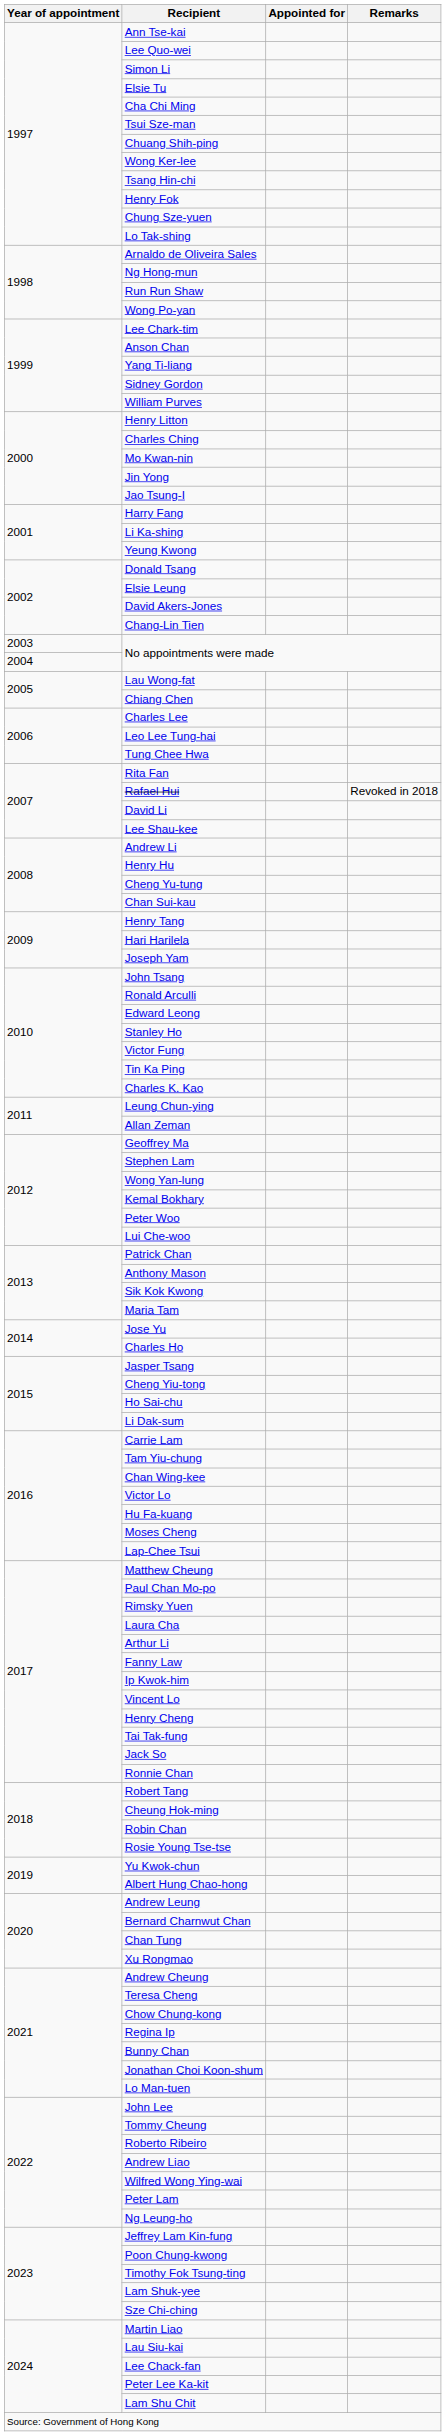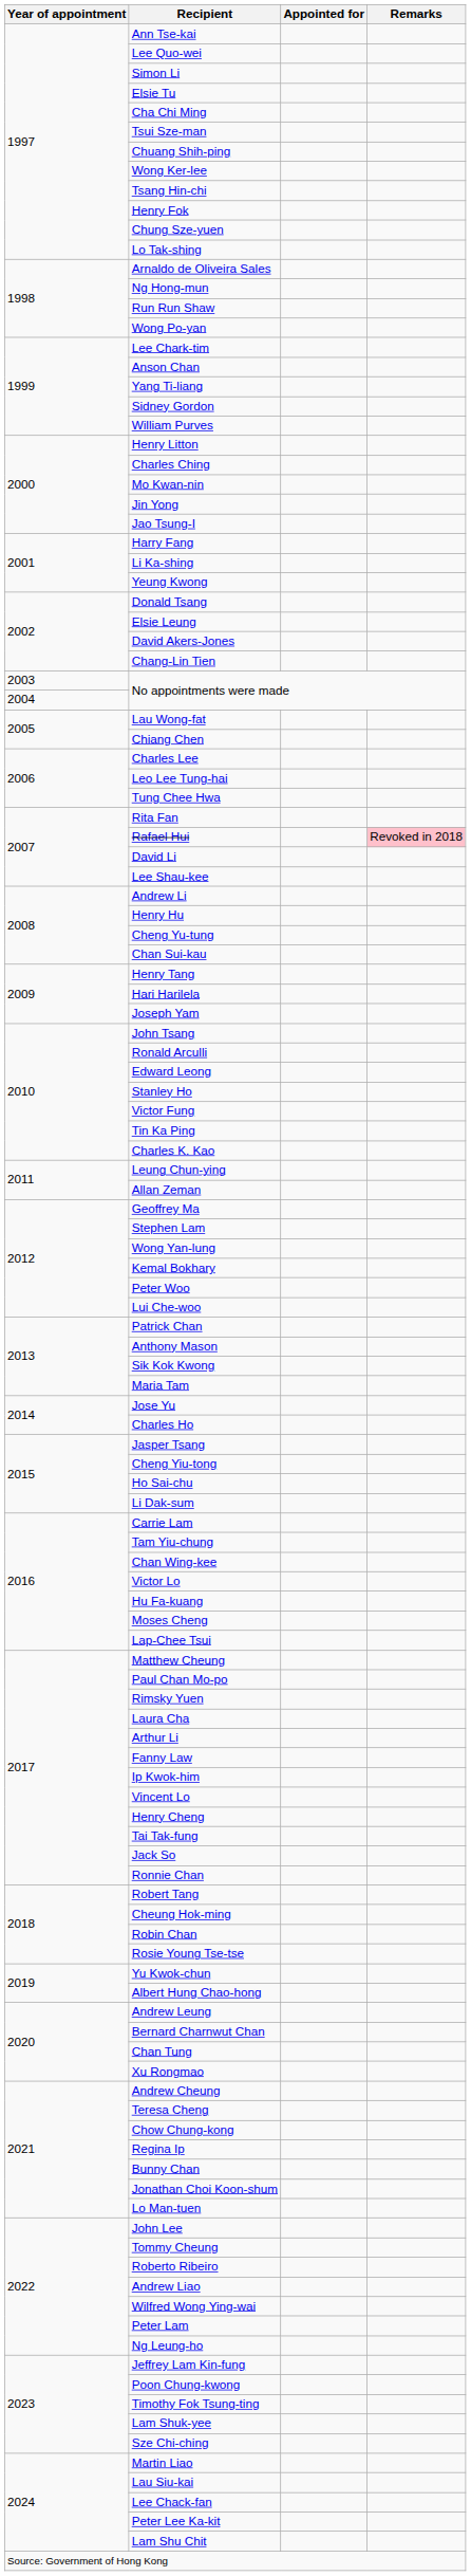 <table class="wikitable sortable">
 <tr>
 <th><strong>Year of appointment</strong></th>
 <th>Recipient</th>
 <th>Appointed for</th>
 <th>Remarks</th>
 </tr>
 <tr>
 <td rowspan="12">1997</td>
 <td><a href='#'>Ann Tse-kai</a></td>
 <td></td>
 <td></td>
 </tr>
 <tr>
 <td><a href='#'>Lee Quo-wei</a></td>
 <td></td>
 <td></td>
 </tr>
 <tr>
 <td><a href='#'>Simon Li</a></td>
 <td></td>
 <td></td>
 </tr>
 <tr>
 <td><a href='#'>Elsie Tu</a></td>
 <td></td>
 <td></td>
 </tr>
 <tr>
 <td><a href='#'>Cha Chi Ming</a></td>
 <td></td>
 <td></td>
 </tr>
 <tr>
 <td><a href='#'>Tsui Sze-man</a></td>
 <td></td>
 <td></td>
 </tr>
 <tr>
 <td><a href='#'>Chuang Shih-ping</a></td>
 <td></td>
 <td></td>
 </tr>
 <tr>
 <td><a href='#'>Wong Ker-lee</a></td>
 <td></td>
 <td></td>
 </tr>
 <tr>
 <td><a href='#'>Tsang Hin-chi</a></td>
 <td></td>
 <td></td>
 </tr>
 <tr>
 <td><a href='#'>Henry Fok</a></td>
 <td></td>
 <td></td>
 </tr>
 <tr>
 <td><a href='#'>Chung Sze-yuen</a></td>
 <td></td>
 <td></td>
 </tr>
 <tr>
 <td><a href='#'>Lo Tak-shing</a></td>
 <td></td>
 <td></td>
 </tr>
 <tr>
 <td rowspan="4">1998</td>
 <td><a href='#'>Arnaldo de Oliveira Sales</a></td>
 <td></td>
 <td></td>
 </tr>
 <tr>
 <td><a href='#'>Ng Hong-mun</a></td>
 <td></td>
 <td></td>
 </tr>
 <tr>
 <td><a href='#'>Run Run Shaw</a></td>
 <td></td>
 <td></td>
 </tr>
 <tr>
 <td><a href='#'>Wong Po-yan</a></td>
 <td></td>
 <td></td>
 </tr>
 <tr>
 <td rowspan="5">1999</td>
 <td><a href='#'>Lee Chark-tim</a></td>
 <td></td>
 <td></td>
 </tr>
 <tr>
 <td><a href='#'>Anson Chan</a></td>
 <td></td>
 <td></td>
 </tr>
 <tr>
 <td><a href='#'>Yang Ti-liang</a></td>
 <td></td>
 <td></td>
 </tr>
 <tr>
 <td><a href='#'>Sidney Gordon</a></td>
 <td></td>
 <td></td>
 </tr>
 <tr>
 <td><a href='#'>William Purves</a></td>
 <td></td>
 <td></td>
 </tr>
 <tr>
 <td rowspan="5">2000</td>
 <td><a href='#'>Henry Litton</a></td>
 <td></td>
 <td></td>
 </tr>
 <tr>
 <td><a href='#'>Charles Ching</a></td>
 <td></td>
 <td></td>
 </tr>
 <tr>
 <td><a href='#'>Mo Kwan-nin</a></td>
 <td></td>
 <td></td>
 </tr>
 <tr>
 <td><a href='#'>Jin Yong</a></td>
 <td></td>
 <td></td>
 </tr>
 <tr>
 <td><a href='#'>Jao Tsung-I</a></td>
 <td></td>
 <td></td>
 </tr>
 <tr>
 <td rowspan="3">2001</td>
 <td><a href='#'>Harry Fang</a></td>
 <td></td>
 <td></td>
 </tr>
 <tr>
 <td><a href='#'>Li Ka-shing</a></td>
 <td></td>
 <td></td>
 </tr>
 <tr>
 <td><a href='#'>Yeung Kwong</a></td>
 <td></td>
 <td></td>
 </tr>
 <tr>
 <td rowspan="4">2002</td>
 <td><a href='#'>Donald Tsang</a></td>
 <td></td>
 <td></td>
 </tr>
 <tr>
 <td><a href='#'>Elsie Leung</a></td>
 <td></td>
 <td></td>
 </tr>
 <tr>
 <td><a href='#'>David Akers-Jones</a></td>
 <td></td>
 <td></td>
 </tr>
 <tr>
 <td><a href='#'>Chang-Lin Tien</a></td>
 <td></td>
 <td></td>
 </tr>
 <tr>
 <td>2003</td>
 <td colspan="3" rowspan="2">No appointments were made</td>
 </tr>
 <tr>
 <td>2004</td>
 </tr>
 <tr>
 <td rowspan="2">2005</td>
 <td><a href='#'>Lau Wong-fat</a></td>
 <td></td>
 <td></td>
 </tr>
 <tr>
 <td><a href='#'>Chiang Chen</a></td>
 <td></td>
 <td></td>
 </tr>
 <tr>
 <td rowspan="3">2006</td>
 <td><a href='#'>Charles Lee</a></td>
 <td></td>
 <td></td>
 </tr>
 <tr>
 <td><a href='#'>Leo Lee Tung-hai</a></td>
 <td></td>
 <td></td>
 </tr>
 <tr>
 <td><a href='#'>Tung Chee Hwa</a></td>
 <td></td>
 <td></td>
 </tr>
 <tr>
 <td rowspan="4">2007</td>
 <td><a href='#'>Rita Fan</a></td>
 <td></td>
 <td></td>
 </tr>
 <tr>
 <td><s><a href='#'>Rafael Hui</a></s></td>
 <td></td>
-<td>Revoked in 2018</td>
+<td style="background: pink;">Revoked in 2018</td>
 </tr>
 <tr>
 <td><a href='#'>David Li</a></td>
 <td></td>
 <td></td>
 </tr>
 <tr>
 <td><a href='#'>Lee Shau-kee</a></td>
 <td></td>
 <td></td>
 </tr>
 <tr>
 <td rowspan="4">2008</td>
 <td><a href='#'>Andrew Li</a></td>
 <td></td>
 <td></td>
 </tr>
 <tr>
 <td><a href='#'>Henry Hu</a></td>
 <td></td>
 <td></td>
 </tr>
 <tr>
 <td><a href='#'>Cheng Yu-tung</a></td>
 <td></td>
 <td></td>
 </tr>
 <tr>
 <td><a href='#'>Chan Sui-kau</a></td>
 <td></td>
 <td></td>
 </tr>
 <tr>
 <td rowspan="3">2009</td>
 <td><a href='#'>Henry Tang</a></td>
 <td></td>
 <td></td>
 </tr>
 <tr>
 <td><a href='#'>Hari Harilela</a></td>
 <td></td>
 <td></td>
 </tr>
 <tr>
 <td><a href='#'>Joseph Yam</a></td>
 <td></td>
 <td></td>
 </tr>
 <tr>
 <td rowspan="7">2010</td>
 <td><a href='#'>John Tsang</a></td>
 <td></td>
 <td></td>
 </tr>
 <tr>
 <td><a href='#'>Ronald Arculli</a></td>
 <td></td>
 <td></td>
 </tr>
 <tr>
 <td><a href='#'>Edward Leong</a></td>
 <td></td>
 <td></td>
 </tr>
 <tr>
 <td><a href='#'>Stanley Ho</a></td>
 <td></td>
 <td></td>
 </tr>
 <tr>
 <td><a href='#'>Victor Fung</a></td>
 <td></td>
 <td></td>
 </tr>
 <tr>
 <td><a href='#'>Tin Ka Ping</a></td>
 <td></td>
 <td></td>
 </tr>
 <tr>
 <td><a href='#'>Charles K. Kao</a></td>
 <td></td>
 <td></td>
 </tr>
 <tr>
 <td rowspan="2">2011</td>
 <td><a href='#'>Leung Chun-ying</a></td>
 <td></td>
 <td></td>
 </tr>
 <tr>
 <td><a href='#'>Allan Zeman</a></td>
 <td></td>
 <td></td>
 </tr>
 <tr>
 <td rowspan="6">2012</td>
 <td><a href='#'>Geoffrey Ma</a></td>
 <td></td>
 <td></td>
 </tr>
 <tr>
 <td><a href='#'>Stephen Lam</a></td>
 <td></td>
 <td></td>
 </tr>
 <tr>
 <td><a href='#'>Wong Yan-lung</a></td>
 <td></td>
 <td></td>
 </tr>
 <tr>
 <td><a href='#'>Kemal Bokhary</a></td>
 <td></td>
 <td></td>
 </tr>
 <tr>
 <td><a href='#'>Peter Woo</a></td>
 <td></td>
 <td></td>
 </tr>
 <tr>
 <td><a href='#'>Lui Che-woo</a></td>
 <td></td>
 <td></td>
 </tr>
 <tr>
 <td rowspan="4">2013</td>
 <td><a href='#'>Patrick Chan</a></td>
 <td></td>
 <td></td>
 </tr>
 <tr>
 <td><a href='#'>Anthony Mason</a></td>
 <td></td>
 <td></td>
 </tr>
 <tr>
 <td><a href='#'>Sik Kok Kwong</a></td>
 <td></td>
 <td></td>
 </tr>
 <tr>
 <td><a href='#'>Maria Tam</a></td>
 <td></td>
 <td></td>
 </tr>
 <tr>
 <td rowspan="2">2014</td>
 <td><a href='#'>Jose Yu</a></td>
 <td></td>
 <td></td>
 </tr>
 <tr>
 <td><a href='#'>Charles Ho</a></td>
 <td></td>
 <td></td>
 </tr>
 <tr>
 <td rowspan="4">2015</td>
 <td><a href='#'>Jasper Tsang</a></td>
 <td></td>
 <td></td>
 </tr>
 <tr>
 <td><a href='#'>Cheng Yiu-tong</a></td>
 <td></td>
 <td></td>
 </tr>
 <tr>
 <td><a href='#'>Ho Sai-chu</a></td>
 <td></td>
 <td></td>
 </tr>
 <tr>
 <td><a href='#'>Li Dak-sum</a></td>
 <td></td>
 <td></td>
 </tr>
 <tr>
 <td rowspan="7">2016</td>
 <td><a href='#'>Carrie Lam</a></td>
 <td></td>
 <td></td>
 </tr>
 <tr>
 <td><a href='#'>Tam Yiu-chung</a></td>
 <td></td>
 <td></td>
 </tr>
 <tr>
 <td><a href='#'>Chan Wing-kee</a></td>
 <td></td>
 <td></td>
 </tr>
 <tr>
 <td><a href='#'>Victor Lo</a></td>
 <td></td>
 <td></td>
 </tr>
 <tr>
 <td><a href='#'>Hu Fa-kuang</a></td>
 <td></td>
 <td></td>
 </tr>
 <tr>
 <td><a href='#'>Moses Cheng</a></td>
 <td></td>
 <td></td>
 </tr>
 <tr>
 <td><a href='#'>Lap-Chee Tsui</a></td>
 <td></td>
 <td></td>
 </tr>
 <tr>
 <td rowspan="12">2017</td>
 <td><a href='#'>Matthew Cheung</a></td>
 <td></td>
 <td></td>
 </tr>
 <tr>
 <td><a href='#'>Paul Chan Mo-po</a></td>
 <td></td>
 <td></td>
 </tr>
 <tr>
 <td><a href='#'>Rimsky Yuen</a></td>
 <td></td>
 <td></td>
 </tr>
 <tr>
 <td><a href='#'>Laura Cha</a></td>
 <td></td>
 <td></td>
 </tr>
 <tr>
 <td><a href='#'>Arthur Li</a></td>
 <td></td>
 <td></td>
 </tr>
 <tr>
 <td><a href='#'>Fanny Law</a></td>
 <td></td>
 <td></td>
 </tr>
 <tr>
 <td><a href='#'>Ip Kwok-him</a></td>
 <td></td>
 <td></td>
 </tr>
 <tr>
 <td><a href='#'>Vincent Lo</a></td>
 <td></td>
 <td></td>
 </tr>
 <tr>
 <td><a href='#'>Henry Cheng</a></td>
 <td></td>
 <td></td>
 </tr>
 <tr>
 <td><a href='#'>Tai Tak-fung</a></td>
 <td></td>
 <td></td>
 </tr>
 <tr>
 <td><a href='#'>Jack So</a></td>
 <td></td>
 <td></td>
 </tr>
 <tr>
 <td><a href='#'>Ronnie Chan</a></td>
 <td></td>
 <td></td>
 </tr>
 <tr>
 <td rowspan="4">2018</td>
 <td><a href='#'>Robert Tang</a></td>
 <td></td>
 <td></td>
 </tr>
 <tr>
 <td><a href='#'>Cheung Hok-ming</a></td>
 <td></td>
 <td></td>
 </tr>
 <tr>
 <td><a href='#'>Robin Chan</a></td>
 <td></td>
 <td></td>
 </tr>
 <tr>
 <td><a href='#'>Rosie Young Tse-tse</a></td>
 <td></td>
 <td></td>
 </tr>
 <tr>
 <td rowspan="2">2019</td>
 <td><a href='#'>Yu Kwok-chun</a></td>
 <td></td>
 <td></td>
 </tr>
 <tr>
 <td><a href='#'>Albert Hung Chao-hong</a></td>
 <td></td>
 <td></td>
 </tr>
 <tr>
 <td rowspan="4">2020</td>
 <td><a href='#'>Andrew Leung</a></td>
 <td></td>
 <td></td>
 </tr>
 <tr>
 <td><a href='#'>Bernard Charnwut Chan</a></td>
 <td></td>
 <td></td>
 </tr>
 <tr>
 <td><a href='#'>Chan Tung</a></td>
 <td></td>
 <td></td>
 </tr>
 <tr>
 <td><a href='#'>Xu Rongmao</a></td>
 <td></td>
 <td></td>
 </tr>
 <tr>
 <td rowspan="7">2021</td>
 <td><a href='#'>Andrew Cheung</a></td>
 <td></td>
 <td></td>
 </tr>
 <tr>
 <td><a href='#'>Teresa Cheng</a></td>
 <td></td>
 <td></td>
 </tr>
 <tr>
 <td><a href='#'>Chow Chung-kong</a></td>
 <td></td>
 <td></td>
 </tr>
 <tr>
 <td><a href='#'>Regina Ip</a></td>
 <td></td>
 <td></td>
 </tr>
 <tr>
 <td><a href='#'>Bunny Chan</a></td>
 <td></td>
 <td></td>
 </tr>
 <tr>
 <td><a href='#'>Jonathan Choi Koon-shum</a></td>
 <td></td>
 <td></td>
 </tr>
 <tr>
 <td><a href='#'>Lo Man-tuen</a></td>
 <td></td>
 <td></td>
 </tr>
 <tr>
 <td rowspan="7">2022</td>
 <td><a href='#'>John Lee</a></td>
 <td></td>
 <td></td>
 </tr>
 <tr>
 <td><a href='#'>Tommy Cheung</a></td>
 <td></td>
 <td></td>
 </tr>
 <tr>
 <td><a href='#'>Roberto Ribeiro</a></td>
 <td></td>
 <td></td>
 </tr>
 <tr>
 <td><a href='#'>Andrew Liao</a></td>
 <td></td>
 <td></td>
 </tr>
 <tr>
 <td><a href='#'>Wilfred Wong Ying-wai</a></td>
 <td></td>
 <td></td>
 </tr>
 <tr>
 <td><a href='#'>Peter Lam</a></td>
 <td></td>
 <td></td>
 </tr>
 <tr>
 <td><a href='#'>Ng Leung-ho</a></td>
 <td></td>
 <td></td>
 </tr>
 <tr>
 <td rowspan="5">2023</td>
 <td><a href='#'>Jeffrey Lam Kin-fung</a></td>
 <td></td>
 <td></td>
 </tr>
 <tr>
 <td><a href='#'>Poon Chung-kwong</a></td>
 <td></td>
 <td></td>
 </tr>
 <tr>
 <td><a href='#'>Timothy Fok Tsung-ting</a></td>
 <td></td>
 <td></td>
 </tr>
 <tr>
 <td><a href='#'>Lam Shuk-yee</a></td>
 <td></td>
 <td></td>
 </tr>
 <tr>
 <td><a href='#'>Sze Chi-ching</a></td>
 <td></td>
 <td></td>
 </tr>
 <tr>
 <td rowspan="5">2024</td>
 <td><a href='#'>Martin Liao</a></td>
 <td></td>
 <td></td>
 </tr>
 <tr>
 <td><a href='#'>Lau Siu-kai</a></td>
 <td></td>
 <td></td>
 </tr>
 <tr>
 <td><a href='#'>Lee Chack-fan</a></td>
 <td></td>
 <td></td>
 </tr>
 <tr>
 <td><a href='#'>Peter Lee Ka-kit</a></td>
 <td></td>
 <td></td>
 </tr>
 <tr>
 <td><a href='#'>Lam Shu Chit</a></td>
 <td></td>
 <td></td>
 </tr>
 <tr>
 <td colspan="4"><small>Source: Government of Hong Kong</small></td>
 </tr>
 </table>
